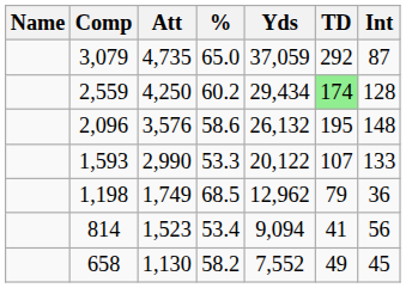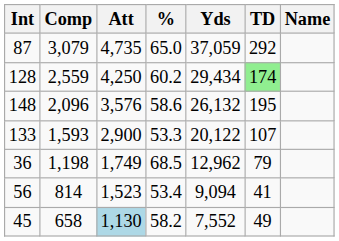 <table class="wikitable sortable" style="text-align:center">
 <tr>
-<th scope="col">Name</th>
+<th scope="col">Int</th>
 <th scope="col">Comp</th>
 <th scope="col">Att</th>
 <th scope="col">%</th>
 <th scope="col">Yds</th>
 <th scope="col">TD</th>
-<th scope="col">Int</th>
+<th scope="col">Name</th>
 </tr>
 <tr>
-<td></td>
+<td>87</td>
 <td>3,079</td>
 <td>4,735</td>
 <td>65.0</td>
 <td>37,059</td>
 <td>292</td>
-<td>87</td>
+<td></td>
 </tr>
 <tr>
-<td></td>
+<td>128</td>
 <td>2,559</td>
 <td>4,250</td>
 <td>60.2</td>
 <td>29,434</td>
 <td style="background: lightgreen;">174</td>
-<td>128</td>
+<td></td>
 </tr>
 <tr>
-<td></td>
+<td>148</td>
 <td>2,096</td>
 <td>3,576</td>
 <td>58.6</td>
 <td>26,132</td>
 <td>195</td>
-<td>148</td>
+<td></td>
 </tr>
 <tr>
-<td></td>
+<td>133</td>
 <td>1,593</td>
-<td>2,990</td>
+<td>2,900</td>
 <td>53.3</td>
 <td>20,122</td>
 <td>107</td>
-<td>133</td>
+<td></td>
 </tr>
 <tr>
-<td></td>
+<td>36</td>
 <td>1,198</td>
 <td>1,749</td>
 <td>68.5</td>
 <td>12,962</td>
 <td>79</td>
-<td>36</td>
+<td></td>
 </tr>
 <tr>
-<td></td>
+<td>56</td>
 <td>814</td>
 <td>1,523</td>
 <td>53.4</td>
 <td>9,094</td>
 <td>41</td>
-<td>56</td>
+<td></td>
 </tr>
 <tr>
-<td></td>
+<td>45</td>
 <td>658</td>
-<td>1,130</td>
+<td style="background: lightblue;">1,130</td>
 <td>58.2</td>
 <td>7,552</td>
 <td>49</td>
-<td>45</td>
+<td></td>
 </tr>
 </table>
